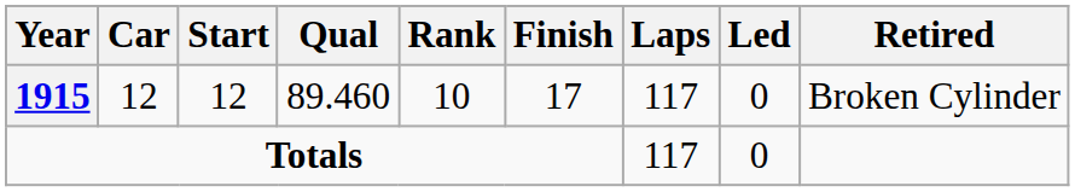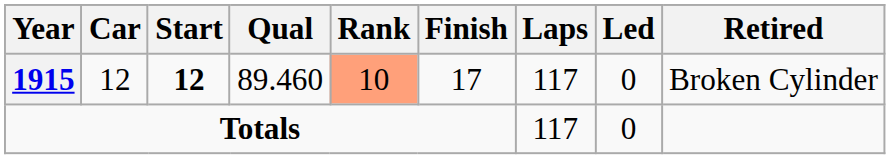 <table class="wikitable" style="text-align:center">
 <tr>
 <th>Year</th>
 <th>Car</th>
 <th>Start</th>
 <th>Qual</th>
 <th>Rank</th>
 <th>Finish</th>
 <th>Laps</th>
 <th>Led</th>
 <th>Retired</th>
 </tr>
 <tr>
 <th><a href='#'>1915</a></th>
 <td>12</td>
-<td>12</td>
+<td><strong>12</strong></td>
 <td>89.460</td>
-<td>10</td>
+<td style="background: lightsalmon;">10</td>
 <td>17</td>
 <td>117</td>
 <td>0</td>
 <td>Broken Cylinder</td>
 </tr>
 <tr>
 <td colspan=6><strong>Totals</strong></td>
 <td>117</td>
 <td>0</td>
 <td></td>
 </tr>
 </table>
